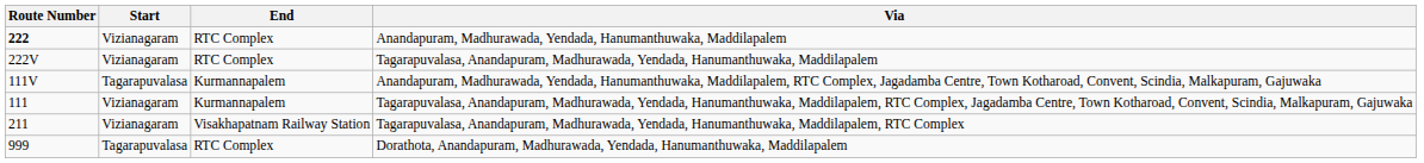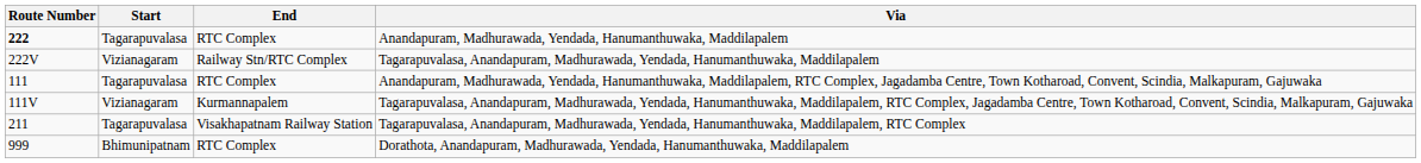 <table class="sortable wikitable">
 <tr>
 <th>Route Number</th>
 <th>Start</th>
 <th>End</th>
 <th>Via</th>
 </tr>
 <tr>
 <td><strong>222</strong></td>
-<td>Vizianagaram</td>
+<td>Tagarapuvalasa</td>
 <td>RTC Complex</td>
 <td>Anandapuram, Madhurawada, Yendada, Hanumanthuwaka, Maddilapalem</td>
 </tr>
 <tr>
 <td>222V</td>
 <td>Vizianagaram</td>
-<td>RTC Complex</td>
+<td>Railway Stn/RTC Complex</td>
 <td>Tagarapuvalasa, Anandapuram, Madhurawada, Yendada, Hanumanthuwaka, Maddilapalem</td>
 </tr>
 <tr>
-<td>111V</td>
+<td>111</td>
 <td>Tagarapuvalasa</td>
-<td>Kurmannapalem</td>
+<td>RTC Complex</td>
 <td>Anandapuram, Madhurawada, Yendada, Hanumanthuwaka, Maddilapalem, RTC Complex, Jagadamba Centre, Town Kotharoad, Convent, Scindia, Malkapuram, Gajuwaka</td>
 </tr>
 <tr>
-<td>111</td>
+<td>111V</td>
 <td>Vizianagaram</td>
 <td>Kurmannapalem</td>
 <td>Tagarapuvalasa, Anandapuram, Madhurawada, Yendada, Hanumanthuwaka, Maddilapalem, RTC Complex, Jagadamba Centre, Town Kotharoad, Convent, Scindia, Malkapuram, Gajuwaka</td>
 </tr>
 <tr>
 <td>211</td>
-<td>Vizianagaram</td>
+<td>Tagarapuvalasa</td>
 <td>Visakhapatnam Railway Station</td>
 <td>Tagarapuvalasa, Anandapuram, Madhurawada, Yendada, Hanumanthuwaka, Maddilapalem, RTC Complex</td>
 </tr>
 <tr>
 <td>999</td>
-<td>Tagarapuvalasa</td>
+<td>Bhimunipatnam</td>
 <td>RTC Complex</td>
 <td>Dorathota, Anandapuram, Madhurawada, Yendada, Hanumanthuwaka, Maddilapalem</td>
 </tr>
 </table>
